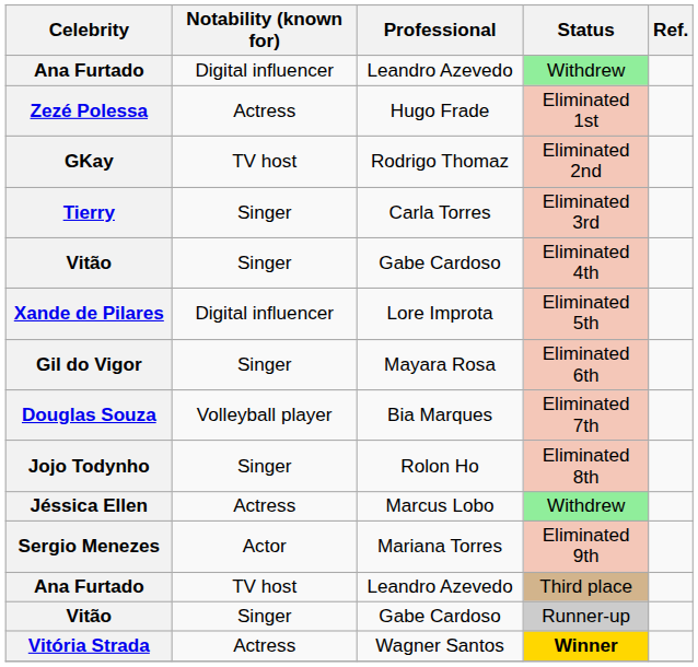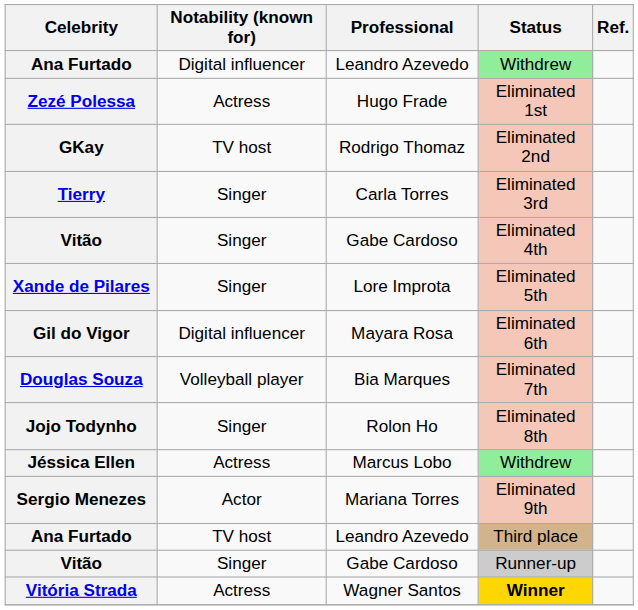 <table class= "wikitable sortable" style="text-align: center; margin:auto; align: center">
 <tr>
 <th width=135>Celebrity</th>
 <th width=150>Notability (known for)</th>
 <th width=135>Professional</th>
 <th width=100>Status</th>
 <th width=015>Ref.</th>
 </tr>
 <tr>
 <th>Ana Furtado<br></th>
 <td>Digital influencer</td>
 <td>Leandro Azevedo</td>
 <td bgcolor=90EE9B>Withdrew<br></td>
 <td><br></td>
 </tr>
 <tr>
 <th><a href='#'>Zezé Polessa</a></th>
 <td>Actress</td>
 <td>Hugo Frade</td>
 <td bgcolor=F4C7B8>Eliminated 1st<br></td>
 <td></td>
 </tr>
 <tr>
 <th>GKay</th>
 <td>TV host</td>
 <td>Rodrigo Thomaz</td>
 <td bgcolor=F4C7B8>Eliminated 2nd<br></td>
 <td></td>
 </tr>
 <tr>
 <th><a href='#'>Tierry</a></th>
 <td>Singer</td>
 <td>Carla Torres</td>
 <td bgcolor=F4C7B8>Eliminated 3rd<br></td>
 <td></td>
 </tr>
 <tr>
 <th>Vitão<br></th>
 <td>Singer</td>
 <td>Gabe Cardoso</td>
 <td bgcolor=F4C7B8>Eliminated 4th<br></td>
 <td><br></td>
 </tr>
 <tr>
 <th><a href='#'>Xande de Pilares</a></th>
-<td>Digital influencer</td>
+<td>Singer</td>
 <td>Lore Improta</td>
 <td bgcolor=F4C7B8>Eliminated 5th<br></td>
 <td></td>
 </tr>
 <tr>
 <th>Gil do Vigor</th>
-<td>Singer</td>
+<td>Digital influencer</td>
 <td>Mayara Rosa</td>
 <td bgcolor=F4C7B8>Eliminated 6th<br></td>
 <td></td>
 </tr>
 <tr>
 <th><a href='#'>Douglas Souza</a></th>
 <td>Volleyball player</td>
 <td>Bia Marques</td>
 <td bgcolor=F4C7B8>Eliminated 7th<br></td>
 <td></td>
 </tr>
 <tr>
 <th>Jojo Todynho</th>
 <td>Singer</td>
 <td>Rolon Ho</td>
 <td bgcolor=F4C7B8>Eliminated 8th<br></td>
 <td></td>
 </tr>
 <tr>
 <th>Jéssica Ellen</th>
 <td>Actress</td>
 <td>Marcus Lobo</td>
 <td bgcolor=90EE9B>Withdrew<br></td>
 <td></td>
 </tr>
 <tr>
 <th>Sergio Menezes</th>
 <td>Actor</td>
 <td>Mariana Torres</td>
 <td bgcolor=F4C7B8>Eliminated 9th<br></td>
 <td></td>
 </tr>
 <tr>
 <th>Ana Furtado</th>
 <td>TV host</td>
 <td>Leandro Azevedo<br></td>
 <td bgcolor=D2B48C>Third place<br></td>
 <td></td>
 </tr>
 <tr>
 <th>Vitão</th>
 <td>Singer</td>
 <td>Gabe Cardoso</td>
 <td bgcolor=CCCCCC>Runner-up<br></td>
 <td></td>
 </tr>
 <tr>
 <th bgcolor=E6E6FA><a href='#'>Vitória Strada</a></th>
 <td>Actress</td>
 <td>Wagner Santos<br></td>
 <td bgcolor=FFD700><strong>Winner</strong><br></td>
 <td></td>
 </tr>
 <tr>
 </tr>
 </table>
